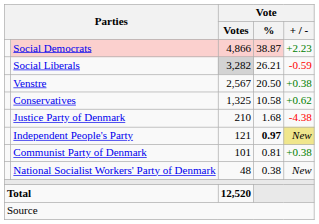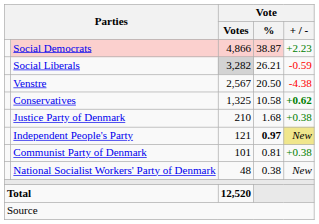 <table class="wikitable" style="text-align:right;">
 <tr>
 <th style="text-align:centre;" rowspan="2" colspan="2" width="225">Parties</th>
 <th colspan="3">Vote</th>
 </tr>
 <tr>
 <th width="15">Votes</th>
 <th width="15">%</th>
 <th width="15">+ / -</th>
 </tr>
 <tr>
 <td width="2" style="color:inherit;background:"></td>
 <td bgcolor=#fbd0ce  align="left"><a href='#'>Social Democrats</a></td>
 <td bgcolor=#fbd0ce>4,866</td>
 <td bgcolor=#fbd0ce>38.87</td>
 <td style=color:green;>+2.23</td>
 </tr>
 <tr>
 <td width="2" style="color:inherit;background:"></td>
 <td align="left"><a href='#'>Social Liberals</a></td>
 <td style="background: lightgrey;">3,282</td>
 <td>26.21</td>
 <td style=color:red;>-0.59</td>
 </tr>
 <tr>
 <td width="2" style="color:inherit;background:"></td>
 <td align="left"><a href='#'>Venstre</a></td>
 <td>2,567</td>
 <td>20.50</td>
-<td style=color:green;>+0.38</td>
+<td style=color:red;>-4.38</td>
 </tr>
 <tr>
 <td width="2" style="color:inherit;background:"></td>
 <td align="left"><a href='#'>Conservatives</a></td>
 <td>1,325</td>
 <td>10.58</td>
-<td style=color:green;>+0.62</td>
+<td style=color:green;><strong>+0.62</strong></td>
 </tr>
 <tr>
 <td width="2" style="color:inherit;background:"></td>
 <td align="left"><a href='#'>Justice Party of Denmark</a></td>
 <td>210</td>
 <td>1.68</td>
-<td style=color:red;>-4.38</td>
+<td style=color:green;>+0.38</td>
 </tr>
 <tr>
 <td width="2" style="color:inherit;background:"></td>
 <td align="left"><a href='#'>Independent People's Party</a></td>
 <td>121</td>
 <td><strong>0.97</strong></td>
 <td style="background: khaki;"><em>New</em></td>
 </tr>
 <tr>
 <td width="2" style="color:inherit;background:"></td>
 <td align="left"><a href='#'>Communist Party of Denmark</a></td>
 <td>101</td>
 <td>0.81</td>
 <td style=color:green;>+0.38</td>
 </tr>
 <tr>
 <td width="2" style="color:inherit;background:"></td>
 <td align="left"><a href='#'>National Socialist Workers' Party of Denmark</a></td>
 <td>48</td>
 <td>0.38</td>
 <td><em>New</em></td>
 </tr>
 <tr>
 <td colspan="7" bgcolor="#E9E9E9"></td>
 </tr>
 <tr>
 <td align="left" colspan="2"><strong>Total</strong></td>
 <td><strong>12,520</strong></td>
 <td bgcolor="#E9E9E9" colspan="2"></td>
 </tr>
 <tr>
 <td align="left" colspan="6">Source</td>
 </tr>
 </table>
